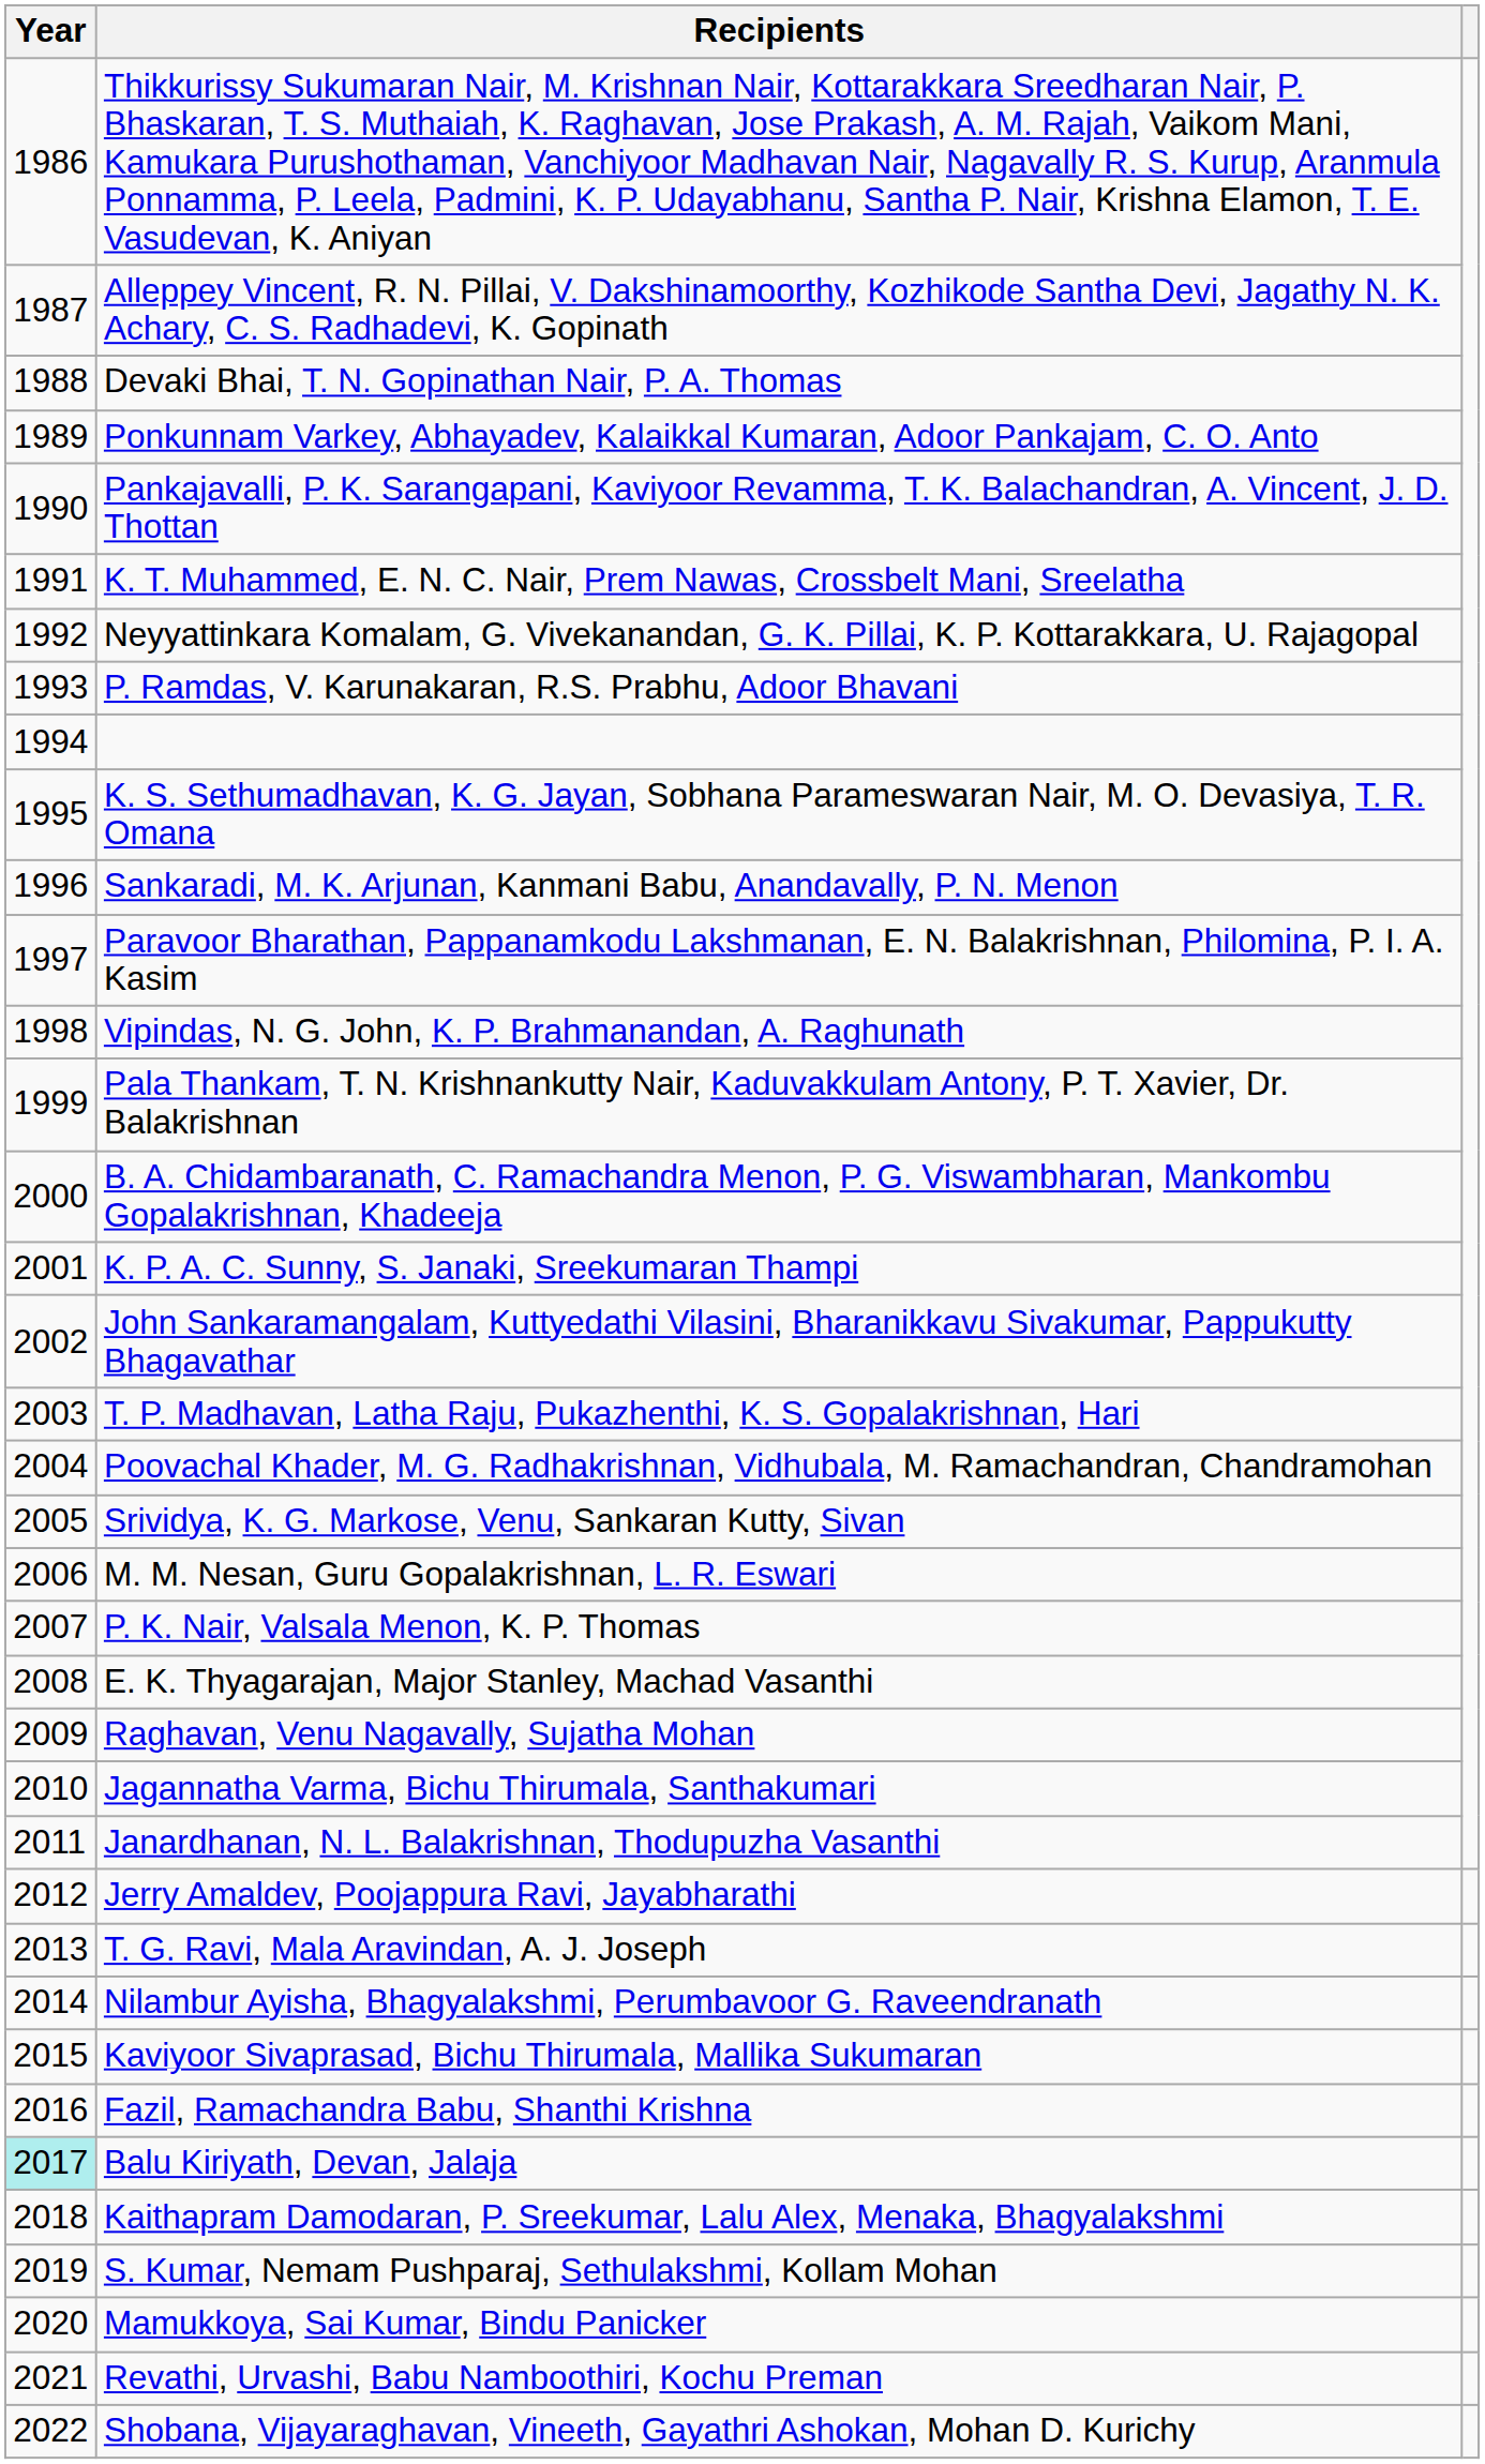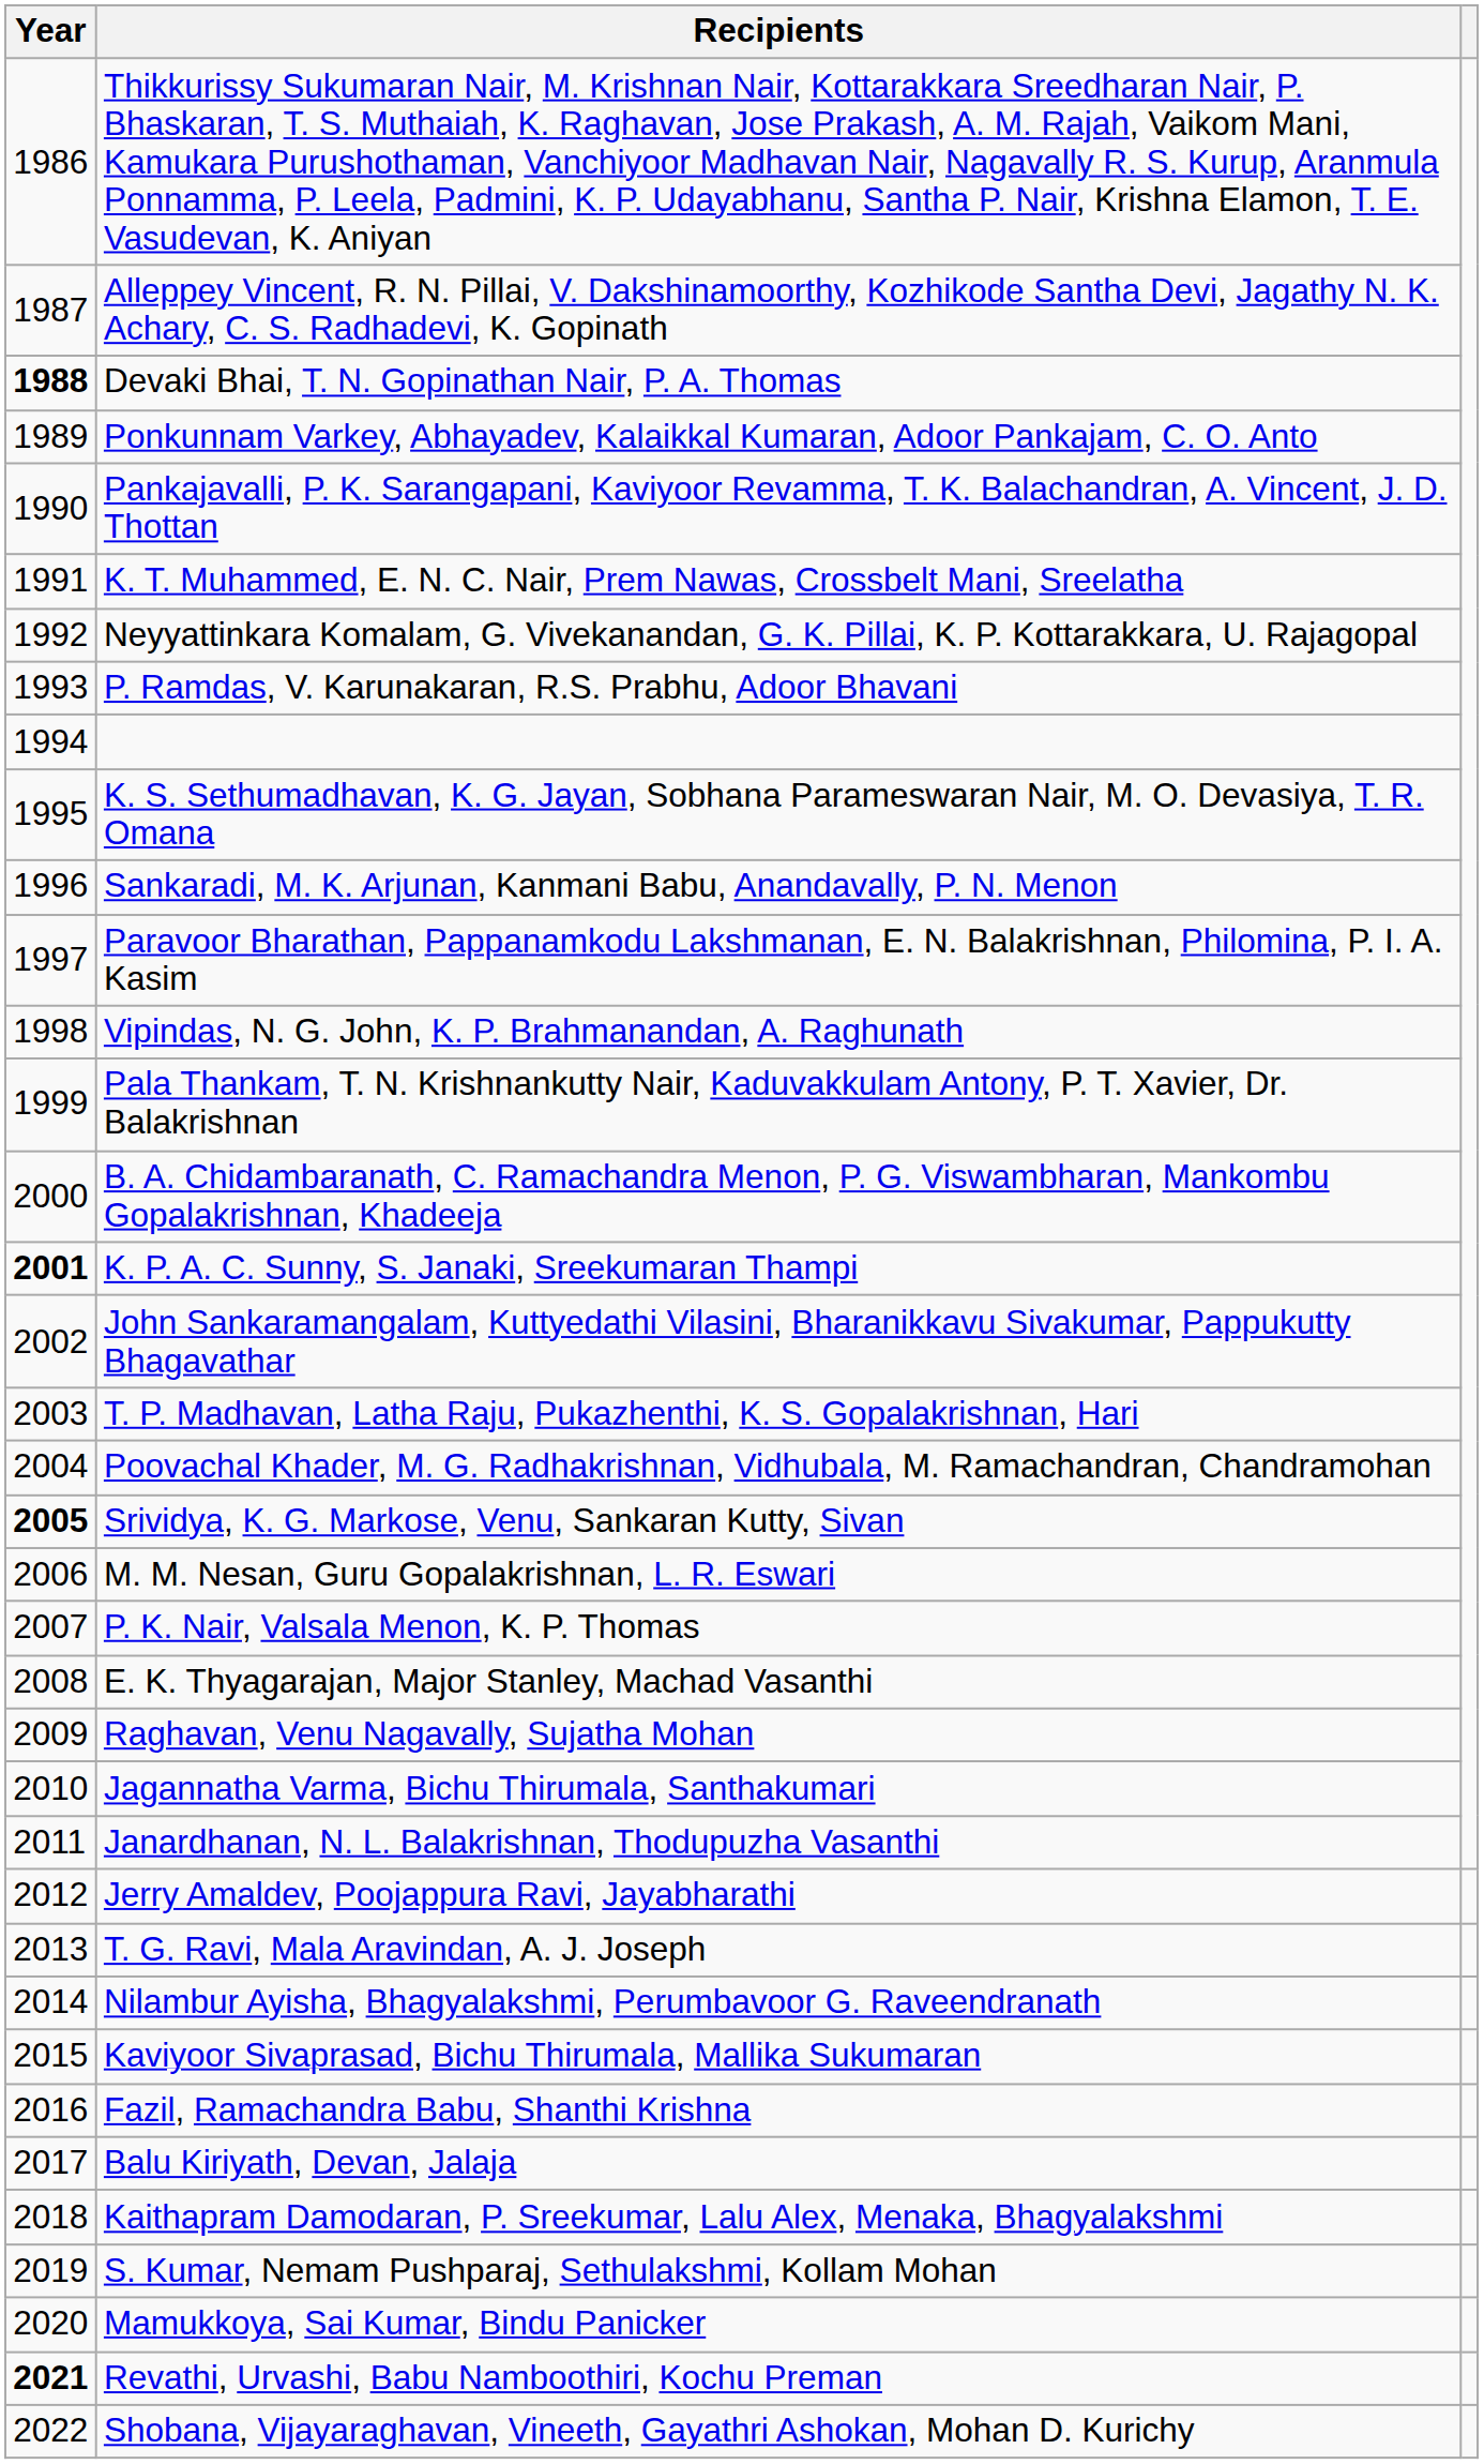 <table class="wikitable">
 <tr>
 <th>Year</th>
 <th ! style=width:40em>Recipients</th>
 <th></th>
 </tr>
 <tr>
 <td>1986</td>
 <td><a href='#'>Thikkurissy Sukumaran Nair</a>, <a href='#'>M. Krishnan Nair</a>, <a href='#'>Kottarakkara Sreedharan Nair</a>, <a href='#'>P. Bhaskaran</a>, <a href='#'>T. S. Muthaiah</a>, <a href='#'>K. Raghavan</a>, <a href='#'>Jose Prakash</a>, <a href='#'>A. M. Rajah</a>, Vaikom Mani, <a href='#'>Kamukara Purushothaman</a>, <a href='#'>Vanchiyoor Madhavan Nair</a>, <a href='#'>Nagavally R. S. Kurup</a>, <a href='#'>Aranmula Ponnamma</a>, <a href='#'>P. Leela</a>, <a href='#'>Padmini</a>, <a href='#'>K. P. Udayabhanu</a>, <a href='#'>Santha P. Nair</a>, Krishna Elamon, <a href='#'>T. E. Vasudevan</a>, K. Aniyan</td>
 <td rowspan=26></td>
 </tr>
 <tr>
 <td>1987</td>
 <td><a href='#'>Alleppey Vincent</a>, R. N. Pillai, <a href='#'>V. Dakshinamoorthy</a>, <a href='#'>Kozhikode Santha Devi</a>, <a href='#'>Jagathy N. K. Achary</a>, <a href='#'>C. S. Radhadevi</a>, K. Gopinath</td>
 </tr>
 <tr>
-<td>1988</td>
+<td><strong>1988</strong></td>
 <td>Devaki Bhai, <a href='#'>T. N. Gopinathan Nair</a>, <a href='#'>P. A. Thomas</a></td>
 </tr>
 <tr>
 <td>1989</td>
 <td><a href='#'>Ponkunnam Varkey</a>, <a href='#'>Abhayadev</a>, <a href='#'>Kalaikkal Kumaran</a>, <a href='#'>Adoor Pankajam</a>, <a href='#'>C. O. Anto</a></td>
 </tr>
 <tr>
 <td>1990</td>
 <td><a href='#'>Pankajavalli</a>, <a href='#'>P. K. Sarangapani</a>, <a href='#'>Kaviyoor Revamma</a>, <a href='#'>T. K. Balachandran</a>, <a href='#'>A. Vincent</a>, <a href='#'>J. D. Thottan</a></td>
 </tr>
 <tr>
 <td>1991</td>
 <td><a href='#'>K. T. Muhammed</a>, E. N. C. Nair, <a href='#'>Prem Nawas</a>,  <a href='#'>Crossbelt Mani</a>, <a href='#'>Sreelatha</a></td>
 </tr>
 <tr>
 <td>1992</td>
 <td>Neyyattinkara Komalam, G. Vivekanandan, <a href='#'>G. K. Pillai</a>, K. P. Kottarakkara, U. Rajagopal</td>
 </tr>
 <tr>
 <td>1993</td>
 <td><a href='#'>P. Ramdas</a>, V. Karunakaran, R.S. Prabhu, <a href='#'>Adoor Bhavani</a></td>
 </tr>
 <tr>
 <td>1994</td>
 <td></td>
 </tr>
 <tr>
 <td>1995</td>
 <td><a href='#'>K. S. Sethumadhavan</a>, <a href='#'>K. G. Jayan</a>, Sobhana Parameswaran Nair, M. O. Devasiya, <a href='#'>T. R. Omana</a></td>
 </tr>
 <tr>
 <td>1996</td>
 <td><a href='#'>Sankaradi</a>, <a href='#'>M. K. Arjunan</a>, Kanmani Babu, <a href='#'>Anandavally</a>, <a href='#'>P. N. Menon</a></td>
 </tr>
 <tr>
 <td>1997</td>
 <td><a href='#'>Paravoor Bharathan</a>, <a href='#'>Pappanamkodu Lakshmanan</a>, E. N. Balakrishnan, <a href='#'>Philomina</a>, P. I. A. Kasim</td>
 </tr>
 <tr>
 <td>1998</td>
 <td><a href='#'>Vipindas</a>, N. G. John, <a href='#'>K. P. Brahmanandan</a>, <a href='#'>A. Raghunath</a></td>
 </tr>
 <tr>
 <td>1999</td>
 <td><a href='#'>Pala Thankam</a>, T. N. Krishnankutty Nair, <a href='#'>Kaduvakkulam Antony</a>, P. T. Xavier, Dr. Balakrishnan</td>
 </tr>
 <tr>
 <td>2000</td>
 <td><a href='#'>B. A. Chidambaranath</a>, <a href='#'>C. Ramachandra Menon</a>, <a href='#'>P. G. Viswambharan</a>, <a href='#'>Mankombu Gopalakrishnan</a>, <a href='#'>Khadeeja</a></td>
 </tr>
 <tr>
-<td>2001</td>
+<td><strong>2001</strong></td>
 <td><a href='#'>K. P. A. C. Sunny</a>, <a href='#'>S. Janaki</a>, <a href='#'>Sreekumaran Thampi</a></td>
 </tr>
 <tr>
 <td>2002</td>
 <td><a href='#'>John Sankaramangalam</a>, <a href='#'>Kuttyedathi Vilasini</a>, <a href='#'>Bharanikkavu Sivakumar</a>, <a href='#'>Pappukutty Bhagavathar</a></td>
 </tr>
 <tr>
 <td>2003</td>
 <td><a href='#'>T. P. Madhavan</a>, <a href='#'>Latha Raju</a>, <a href='#'>Pukazhenthi</a>, <a href='#'>K. S. Gopalakrishnan</a>, <a href='#'>Hari</a></td>
 </tr>
 <tr>
 <td>2004</td>
 <td><a href='#'>Poovachal Khader</a>, <a href='#'>M. G. Radhakrishnan</a>, <a href='#'>Vidhubala</a>, M. Ramachandran, Chandramohan</td>
 </tr>
 <tr>
-<td>2005</td>
+<td><strong>2005</strong></td>
 <td><a href='#'>Srividya</a>, <a href='#'>K. G. Markose</a>, <a href='#'>Venu</a>, Sankaran Kutty, <a href='#'>Sivan</a></td>
 </tr>
 <tr>
 <td>2006</td>
 <td>M. M. Nesan, Guru Gopalakrishnan, <a href='#'>L. R. Eswari</a></td>
 </tr>
 <tr>
 <td>2007</td>
 <td><a href='#'>P. K. Nair</a>, <a href='#'>Valsala Menon</a>, K. P. Thomas</td>
 </tr>
 <tr>
 <td>2008</td>
 <td>E. K. Thyagarajan, Major Stanley, Machad Vasanthi</td>
 </tr>
 <tr>
 <td>2009</td>
 <td><a href='#'>Raghavan</a>, <a href='#'>Venu Nagavally</a>, <a href='#'>Sujatha Mohan</a></td>
 </tr>
 <tr>
 <td>2010</td>
 <td><a href='#'>Jagannatha Varma</a>, <a href='#'>Bichu Thirumala</a>, <a href='#'>Santhakumari</a></td>
 </tr>
 <tr>
 <td>2011</td>
 <td><a href='#'>Janardhanan</a>, <a href='#'>N. L. Balakrishnan</a>, <a href='#'>Thodupuzha Vasanthi</a></td>
 </tr>
 <tr>
 <td>2012</td>
 <td><a href='#'>Jerry Amaldev</a>, <a href='#'>Poojappura Ravi</a>, <a href='#'>Jayabharathi</a></td>
 <td></td>
 </tr>
 <tr>
 <td>2013</td>
 <td><a href='#'>T. G. Ravi</a>, <a href='#'>Mala Aravindan</a>, A. J. Joseph</td>
 <td></td>
 </tr>
 <tr>
 <td>2014</td>
 <td><a href='#'>Nilambur Ayisha</a>, <a href='#'>Bhagyalakshmi</a>, <a href='#'>Perumbavoor G. Raveendranath</a></td>
 <td></td>
 </tr>
 <tr>
 <td>2015</td>
 <td><a href='#'>Kaviyoor Sivaprasad</a>, <a href='#'>Bichu Thirumala</a>, <a href='#'>Mallika Sukumaran</a></td>
 <td></td>
 </tr>
 <tr>
 <td>2016</td>
 <td><a href='#'>Fazil</a>, <a href='#'>Ramachandra Babu</a>, <a href='#'>Shanthi Krishna</a></td>
 <td></td>
 </tr>
 <tr>
-<td style="background: paleturquoise;">2017</td>
+<td>2017</td>
 <td><a href='#'>Balu Kiriyath</a>,	<a href='#'>Devan</a>, <a href='#'>Jalaja</a></td>
 <td></td>
 </tr>
 <tr>
 <td>2018</td>
 <td><a href='#'>Kaithapram Damodaran</a>, <a href='#'>P. Sreekumar</a>, <a href='#'>Lalu Alex</a>, <a href='#'>Menaka</a>, <a href='#'>Bhagyalakshmi</a></td>
 <td></td>
 </tr>
 <tr>
 <td>2019</td>
 <td><a href='#'>S. Kumar</a>, Nemam Pushparaj, <a href='#'>Sethulakshmi</a>, Kollam Mohan</td>
 <td></td>
 </tr>
 <tr>
 <td>2020</td>
 <td><a href='#'>Mamukkoya</a>, <a href='#'>Sai Kumar</a>, <a href='#'>Bindu Panicker</a></td>
 <td></td>
 </tr>
 <tr>
-<td>2021</td>
+<td><strong>2021</strong></td>
 <td><a href='#'>Revathi</a>, <a href='#'>Urvashi</a>, <a href='#'>Babu Namboothiri</a>, <a href='#'>Kochu Preman</a></td>
 <td></td>
 </tr>
 <tr>
 <td>2022</td>
 <td><a href='#'>Shobana</a>, <a href='#'>Vijayaraghavan</a>, <a href='#'>Vineeth</a>, <a href='#'>Gayathri Ashokan</a>, Mohan D. Kurichy</td>
 <td></td>
 </tr>
 </table>
